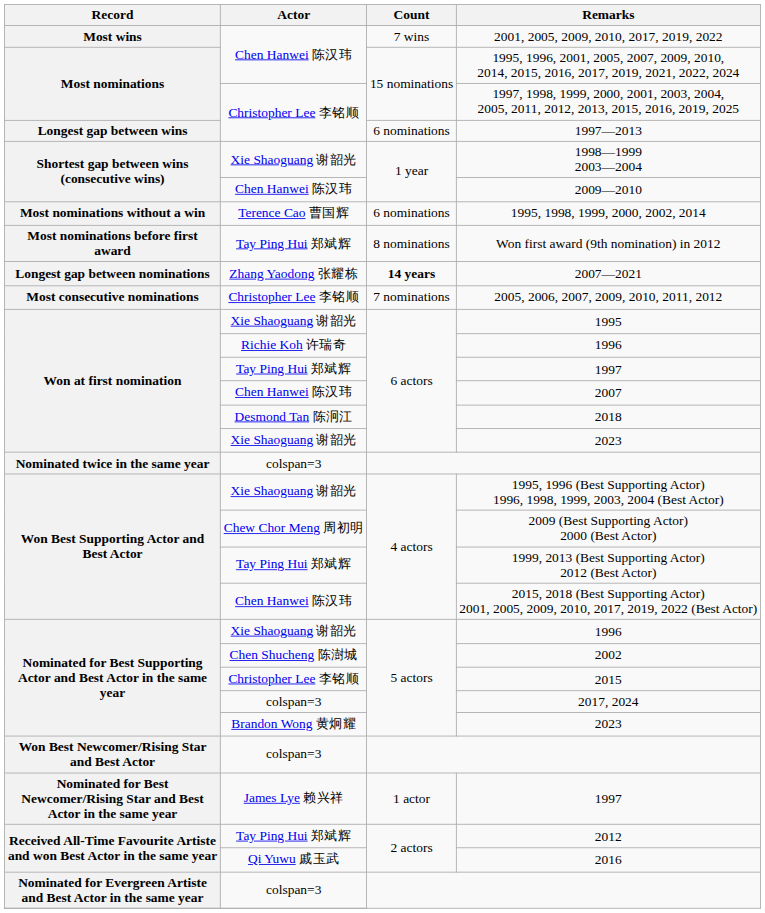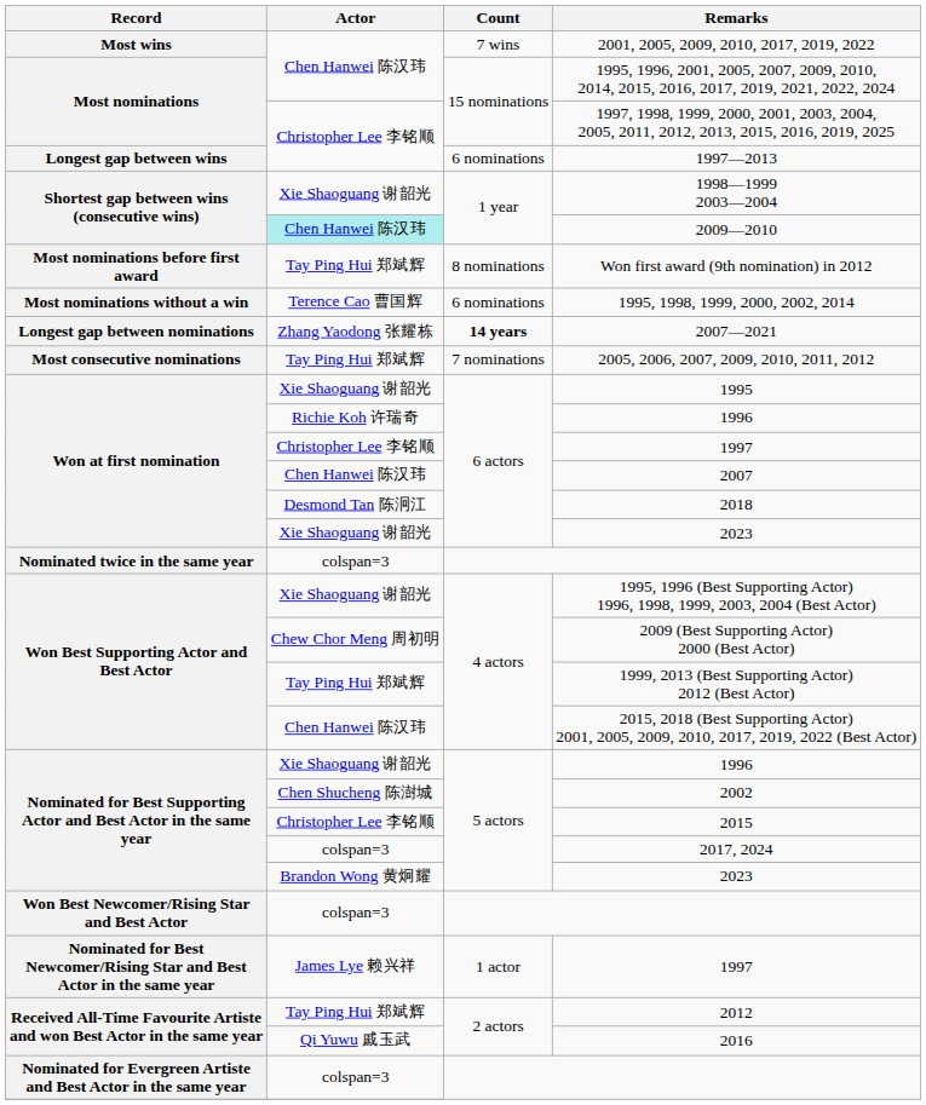 <table class="wikitable" style="text-align: center;">
 <tr>
 <th width=250 scope="col">Record</th>
 <th scope="col">Actor</th>
 <th scope="col">Count</th>
 <th scope="col">Remarks</th>
 </tr>
 <tr>
 <th>Most wins</th>
 <td rowspan=2><a href='#'>Chen Hanwei</a> 陈汉玮</td>
 <td>7 wins</td>
 <td>2001, 2005, 2009, 2010, 2017, 2019, 2022</td>
 </tr>
 <tr>
 <th rowspan=2>Most nominations</th>
 <td rowspan=2>15 nominations</td>
 <td>1995, 1996, 2001, 2005, 2007, 2009, 2010,<br>2014, 2015, 2016, 2017, 2019, 2021, 2022, 2024</td>
 </tr>
 <tr>
 <td rowspan=2><a href='#'>Christopher Lee</a> 李铭顺</td>
 <td>1997, 1998, 1999, 2000, 2001, 2003, 2004,<br> 2005, 2011, 2012, 2013, 2015, 2016, 2019, 2025</td>
 </tr>
 <tr>
 <th>Longest gap between wins</th>
 <td>6 nominations</td>
 <td>1997—2013</td>
 </tr>
 <tr>
 <th rowspan=2>Shortest gap between wins<br>(consecutive wins)</th>
 <td><a href='#'>Xie Shaoguang</a> 谢韶光</td>
 <td rowspan=2>1 year</td>
 <td>1998—1999<br>2003—2004</td>
 </tr>
 <tr>
-<td><a href='#'>Chen Hanwei</a> 陈汉玮</td>
+<td style="background: paleturquoise;"><a href='#'>Chen Hanwei</a> 陈汉玮</td>
 <td>2009—2010</td>
+</tr>
+<tr>
+<th>Most nominations before first award</th>
+<td><a href='#'>Tay Ping Hui</a> 郑斌辉</td>
+<td>8 nominations</td>
+<td>Won first award (9th nomination) in 2012</td>
 </tr>
 <tr>
 <th>Most nominations without a win</th>
 <td><a href='#'>Terence Cao</a> 曹国辉</td>
 <td>6 nominations</td>
 <td>1995, 1998, 1999, 2000, 2002, 2014</td>
-</tr>
-<tr>
-<th>Most nominations before first award</th>
-<td><a href='#'>Tay Ping Hui</a> 郑斌辉</td>
-<td>8 nominations</td>
-<td>Won first award (9th nomination) in 2012</td>
 </tr>
 <tr>
 <th>Longest gap between nominations</th>
 <td><a href='#'>Zhang Yaodong</a> 张耀栋</td>
 <td><strong>14 years</strong></td>
 <td>2007—2021</td>
 </tr>
 <tr>
 <th>Most consecutive nominations</th>
-<td><a href='#'>Christopher Lee</a> 李铭顺</td>
+<td><a href='#'>Tay Ping Hui</a> 郑斌辉</td>
 <td>7 nominations</td>
 <td>2005, 2006, 2007, 2009, 2010, 2011, 2012</td>
 </tr>
 <tr>
 <th rowspan=6>Won at first nomination</th>
 <td><a href='#'>Xie Shaoguang</a> 谢韶光</td>
 <td rowspan=6>6 actors</td>
 <td>1995</td>
 </tr>
 <tr>
 <td><a href='#'>Richie Koh</a> 许瑞奇</td>
 <td>1996</td>
 </tr>
 <tr>
-<td><a href='#'>Tay Ping Hui</a> 郑斌辉</td>
+<td><a href='#'>Christopher Lee</a> 李铭顺</td>
 <td>1997</td>
 </tr>
 <tr>
 <td><a href='#'>Chen Hanwei</a> 陈汉玮</td>
 <td>2007</td>
 </tr>
 <tr>
 <td><a href='#'>Desmond Tan</a> 陈泂江</td>
 <td>2018</td>
 </tr>
 <tr>
 <td><a href='#'>Xie Shaoguang</a> 谢韶光</td>
 <td>2023</td>
 </tr>
 <tr>
 <th>Nominated twice in the same year</th>
 <td>colspan=3 </td>
 </tr>
 <tr>
 <th rowspan=4>Won Best Supporting Actor and Best Actor</th>
 <td><a href='#'>Xie Shaoguang</a> 谢韶光</td>
 <td rowspan=4>4 actors</td>
 <td>1995, 1996 (Best Supporting Actor)<br>1996, 1998, 1999, 2003, 2004 (Best Actor)</td>
 </tr>
 <tr>
 <td><a href='#'>Chew Chor Meng</a> 周初明</td>
 <td>2009 (Best Supporting Actor)<br>2000 (Best Actor)</td>
 </tr>
 <tr>
 <td><a href='#'>Tay Ping Hui</a> 郑斌辉</td>
 <td>1999, 2013 (Best Supporting Actor)<br>2012 (Best Actor)</td>
 </tr>
 <tr>
 <td><a href='#'>Chen Hanwei</a> 陈汉玮</td>
 <td>2015, 2018 (Best Supporting Actor)<br>2001, 2005, 2009, 2010, 2017, 2019, 2022 (Best Actor)</td>
 </tr>
 <tr>
 <th rowspan=5>Nominated for Best Supporting Actor and Best Actor in the same year</th>
 <td><a href='#'>Xie Shaoguang</a> 谢韶光</td>
 <td rowspan=5>5 actors</td>
 <td>1996</td>
 </tr>
 <tr>
 <td><a href='#'>Chen Shucheng</a> 陈澍城</td>
 <td>2002</td>
 </tr>
 <tr>
 <td><a href='#'>Christopher Lee</a> 李铭顺</td>
 <td>2015</td>
 </tr>
 <tr>
 <td>colspan=3 </td>
 <td>2017, 2024</td>
 </tr>
 <tr>
 <td><a href='#'>Brandon Wong</a> 黄炯耀</td>
 <td>2023</td>
 </tr>
 <tr>
 <th>Won Best Newcomer/Rising Star and Best Actor</th>
 <td>colspan=3 </td>
 </tr>
 <tr>
 <th>Nominated for Best Newcomer/Rising Star and Best Actor in the same year</th>
 <td><a href='#'>James Lye</a> 赖兴祥</td>
 <td>1 actor</td>
 <td>1997</td>
 </tr>
 <tr>
 <th rowspan=2>Received All-Time Favourite Artiste and won Best Actor in the same year</th>
 <td><a href='#'>Tay Ping Hui</a> 郑斌辉</td>
 <td rowspan=2>2 actors</td>
 <td>2012</td>
 </tr>
 <tr>
 <td><a href='#'>Qi Yuwu</a> 戚玉武</td>
 <td>2016</td>
 </tr>
 <tr>
 <th>Nominated for Evergreen Artiste and Best Actor in the same year</th>
 <td>colspan=3 </td>
 </tr>
 <tr>
 </tr>
 </table>
